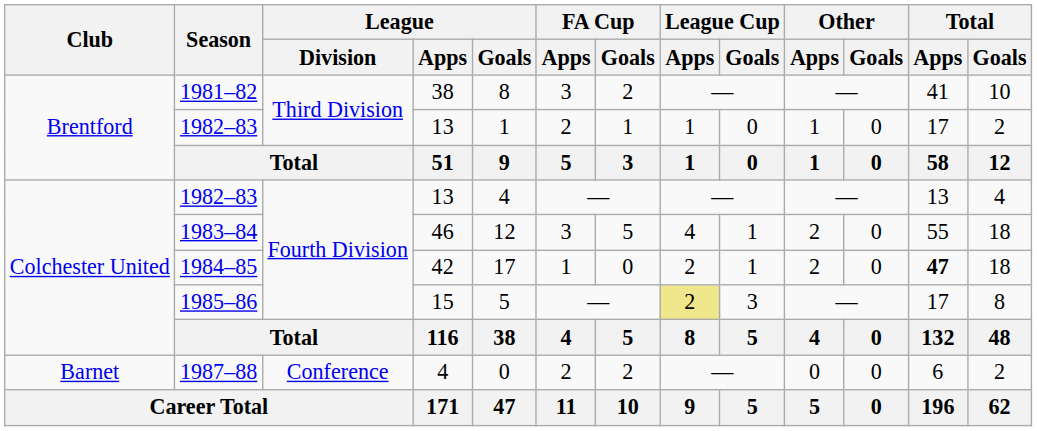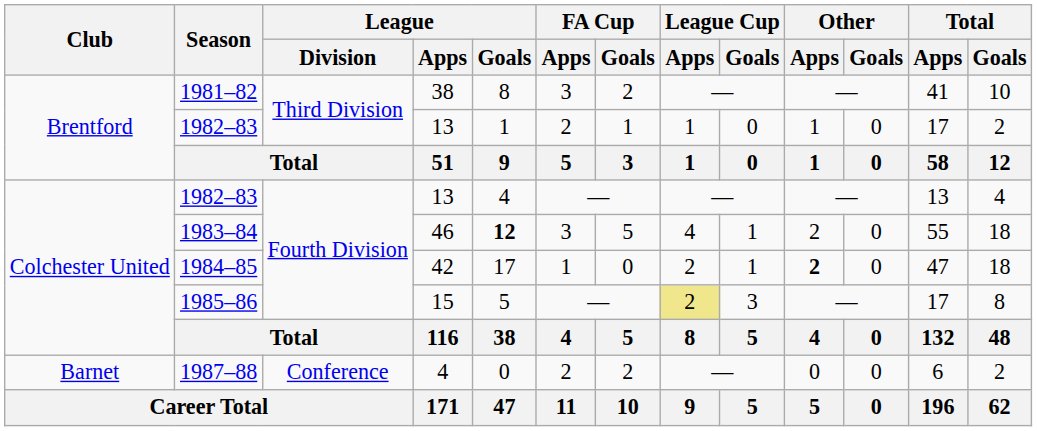 <table class="wikitable" style="text-align: center;">
 <tr>
 <th rowspan="2">Club</th>
 <th rowspan="2">Season</th>
 <th colspan="3">League</th>
 <th colspan="2">FA Cup</th>
 <th colspan="2">League Cup</th>
 <th colspan="2">Other</th>
 <th colspan="2">Total</th>
 </tr>
 <tr>
 <th>Division</th>
 <th>Apps</th>
 <th>Goals</th>
 <th>Apps</th>
 <th>Goals</th>
 <th>Apps</th>
 <th>Goals</th>
 <th>Apps</th>
 <th>Goals</th>
 <th>Apps</th>
 <th>Goals</th>
 </tr>
 <tr>
 <td rowspan="3"><a href='#'>Brentford</a></td>
 <td><a href='#'>1981–82</a></td>
 <td rowspan="2" style="vertical-align:center;"><a href='#'>Third Division</a></td>
 <td>38</td>
 <td>8</td>
 <td>3</td>
 <td>2</td>
 <td colspan="2">—</td>
 <td colspan="2">—</td>
 <td>41</td>
 <td>10</td>
 </tr>
 <tr>
 <td><a href='#'>1982–83</a></td>
 <td>13</td>
 <td>1</td>
 <td>2</td>
 <td>1</td>
 <td>1</td>
 <td>0</td>
 <td>1</td>
 <td>0</td>
 <td>17</td>
 <td>2</td>
 </tr>
 <tr>
 <th colspan="2">Total</th>
 <th>51</th>
 <th>9</th>
 <th>5</th>
 <th>3</th>
 <th>1</th>
 <th>0</th>
 <th>1</th>
 <th>0</th>
 <th>58</th>
 <th>12</th>
 </tr>
 <tr>
 <td rowspan="5"><a href='#'>Colchester United</a></td>
 <td><a href='#'>1982–83</a></td>
 <td rowspan="4"><a href='#'>Fourth Division</a></td>
 <td>13</td>
 <td>4</td>
 <td colspan="2">—</td>
 <td colspan="2">—</td>
 <td colspan="2">—</td>
 <td>13</td>
 <td>4</td>
 </tr>
 <tr>
 <td><a href='#'>1983–84</a></td>
 <td>46</td>
-<td>12</td>
+<td><strong>12</strong></td>
 <td>3</td>
 <td>5</td>
 <td>4</td>
 <td>1</td>
 <td>2</td>
 <td>0</td>
 <td>55</td>
 <td>18</td>
 </tr>
 <tr>
 <td><a href='#'>1984–85</a></td>
 <td>42</td>
 <td>17</td>
 <td>1</td>
 <td>0</td>
 <td>2</td>
 <td>1</td>
-<td>2</td>
+<td><strong>2</strong></td>
 <td>0</td>
-<td><strong>47</strong></td>
+<td>47</td>
 <td>18</td>
 </tr>
 <tr>
 <td><a href='#'>1985–86</a></td>
 <td>15</td>
 <td>5</td>
 <td colspan="2">—</td>
 <td style="background: khaki;">2</td>
 <td>3</td>
 <td colspan="2">—</td>
 <td>17</td>
 <td>8</td>
 </tr>
 <tr>
 <th colspan="2">Total</th>
 <th>116</th>
 <th>38</th>
 <th>4</th>
 <th>5</th>
 <th>8</th>
 <th>5</th>
 <th>4</th>
 <th>0</th>
 <th>132</th>
 <th>48</th>
 </tr>
 <tr>
 <td><a href='#'>Barnet</a></td>
 <td><a href='#'>1987–88</a></td>
 <td><a href='#'>Conference</a></td>
 <td>4</td>
 <td>0</td>
 <td>2</td>
 <td>2</td>
 <td colspan="2">—</td>
 <td>0</td>
 <td>0</td>
 <td>6</td>
 <td>2</td>
 </tr>
 <tr>
 <th colspan="3">Career Total</th>
 <th>171</th>
 <th>47</th>
 <th>11</th>
 <th>10</th>
 <th>9</th>
 <th>5</th>
 <th>5</th>
 <th>0</th>
 <th>196</th>
 <th>62</th>
 </tr>
 </table>
